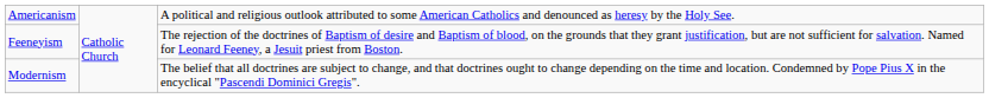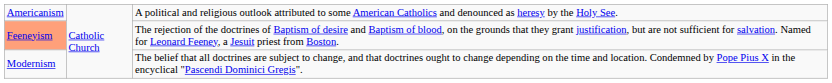 <table class="wikitable">
 <tr>
 <td><a href='#'>Americanism</a></td>
 <td rowspan="3"><a href='#'>Catholic Church</a></td>
 <td>A political and religious outlook attributed to some <a href='#'>American Catholics</a> and denounced as <a href='#'>heresy</a> by the <a href='#'>Holy See</a>.</td>
 </tr>
 <tr>
-<td><a href='#'>Feeneyism</a></td>
+<td style="background: lightsalmon;"><a href='#'>Feeneyism</a></td>
 <td>The rejection of the doctrines of <a href='#'>Baptism of desire</a> and <a href='#'>Baptism of blood</a>, on the grounds that they grant <a href='#'>justification</a>, but are not sufficient for <a href='#'>salvation</a>. Named for <a href='#'>Leonard Feeney</a>, a <a href='#'>Jesuit</a> priest from <a href='#'>Boston</a>.</td>
 </tr>
 <tr>
 <td><a href='#'>Modernism</a></td>
 <td>The belief that all doctrines are subject to change, and that doctrines ought to change depending on the time and location. Condemned by <a href='#'>Pope Pius X</a> in the encyclical "<a href='#'>Pascendi Dominici Gregis</a>".</td>
 </tr>
 </table>
